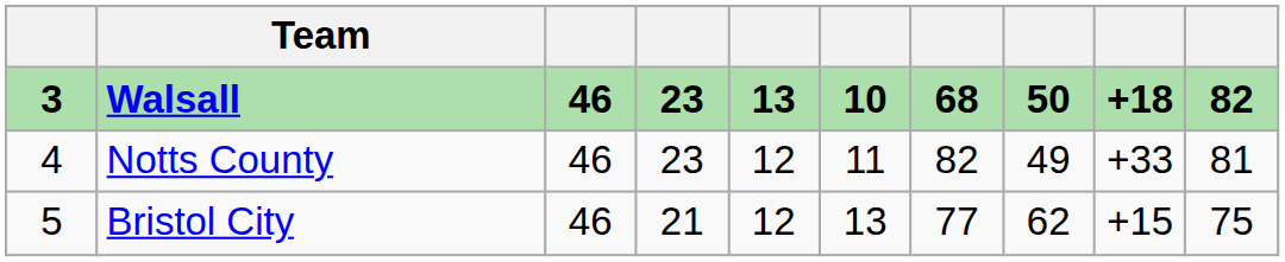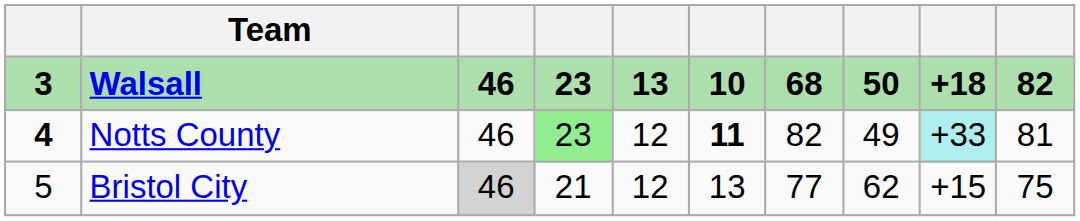 <table class="wikitable" style="text-align:center">
 <tr>
 <th width="30"></th>
 <th width="175">Team</th>
 <th width="30"></th>
 <th width="30"></th>
 <th width="30"></th>
 <th width="30"></th>
 <th width="30"></th>
 <th width="30"></th>
 <th width="30"></th>
 <th width="30"></th>
 </tr>
 <tr bgcolor=#ADDFAD>
 <td><strong>3</strong></td>
 <td align=left><strong><a href='#'>Walsall</a></strong></td>
 <td><strong>46</strong></td>
 <td><strong>23</strong></td>
 <td><strong>13</strong></td>
 <td><strong>10</strong></td>
 <td><strong>68</strong></td>
 <td><strong>50</strong></td>
 <td><strong>+18</strong></td>
 <td><strong>82</strong></td>
 </tr>
 <tr>
-<td>4</td>
+<td><strong>4</strong></td>
 <td align=left><a href='#'>Notts County</a></td>
 <td>46</td>
-<td>23</td>
+<td style="background: lightgreen;">23</td>
 <td>12</td>
-<td>11</td>
+<td><strong>11</strong></td>
 <td>82</td>
 <td>49</td>
-<td>+33</td>
+<td style="background: paleturquoise;">+33</td>
 <td>81</td>
 </tr>
 <tr>
 <td>5</td>
 <td align=left><a href='#'>Bristol City</a></td>
-<td>46</td>
+<td style="background: lightgrey;">46</td>
 <td>21</td>
 <td>12</td>
 <td>13</td>
 <td>77</td>
 <td>62</td>
 <td>+15</td>
 <td>75</td>
 </tr>
 </table>
